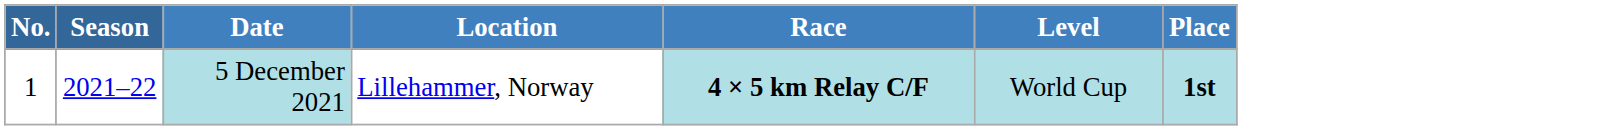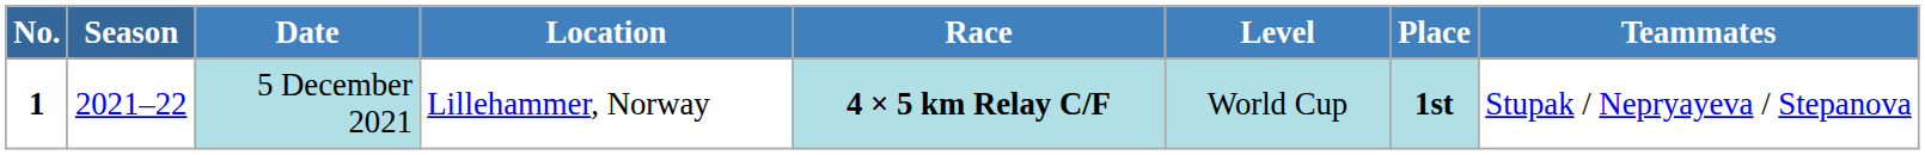 <table class="wikitable sortable" style="font-size:95%; text-align:center; border:grey solid 1px; border-collapse:collapse; background:#ffffff;">
 <tr style="background:#efefef;">
 <th style="background-color:#369; color:white;">No.</th>
 <th style="background-color:#369; color:white;">Season</th>
 <th style="background-color:#4180be; color:white; width:100px;">Date</th>
 <th style="background-color:#4180be; color:white; width:170px;">Location</th>
 <th style="background-color:#4180be; color:white; width:170px;">Race</th>
 <th style="background-color:#4180be; color:white; width:100px;">Level</th>
 <th style="background-color:#4180be; color:white;">Place</th>
+<th style="background-color:#4180be; color:white;">Teammates</th>
 </tr>
 <tr>
-<td align=center>1</td>
+<td align=center><strong>1</strong></td>
 <td align=center><a href='#'>2021–22</a></td>
 <td bgcolor="#BOEOE6" align=right>5 December 2021</td>
 <td align=left> <a href='#'>Lillehammer</a>, Norway</td>
 <td bgcolor="#BOEOE6"><strong>4 × 5 km Relay C/F</strong></td>
 <td bgcolor="#BOEOE6">World Cup</td>
 <td bgcolor="#BOEOE6"><strong>1st</strong></td>
+<td><a href='#'>Stupak</a> / <a href='#'>Nepryayeva</a> / <a href='#'>Stepanova</a></td>
 </tr>
 </table>
